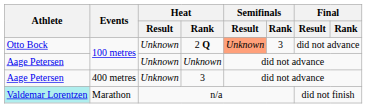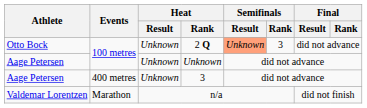 <table class=wikitable style="font-size:90%">
 <tr>
 <th rowspan="2">Athlete</th>
 <th rowspan="2">Events</th>
 <th colspan="2">Heat</th>
 <th colspan="2">Semifinals</th>
 <th colspan="2">Final</th>
 </tr>
 <tr>
 <th>Result</th>
 <th>Rank</th>
 <th>Result</th>
 <th>Rank</th>
 <th>Result</th>
 <th>Rank</th>
 </tr>
 <tr>
 <td><a href='#'>Otto Bock</a></td>
 <td rowspan=2><a href='#'>100 metres</a></td>
 <td align="center"><em>Unknown</em></td>
 <td align="center">2 <strong>Q</strong></td>
 <td align="center" style="background: lightsalmon;"><em>Unknown</em></td>
 <td align="center">3</td>
 <td align="center" colspan=2>did not advance</td>
 </tr>
 <tr>
 <td><a href='#'>Aage Petersen</a></td>
 <td align="center"><em>Unknown</em></td>
 <td align="center"><em>Unknown</em></td>
 <td align="center" colspan=4>did not advance</td>
 </tr>
 <tr>
 <td><a href='#'>Aage Petersen</a></td>
 <td>400 metres</td>
 <td align="center"><em>Unknown</em></td>
 <td align="center">3</td>
 <td align="center" colspan=4>did not advance</td>
 </tr>
 <tr>
-<td style="background: paleturquoise;"><a href='#'>Valdemar Lorentzen</a></td>
+<td><a href='#'>Valdemar Lorentzen</a></td>
 <td>Marathon</td>
 <td align="center" colspan=4>n/a</td>
 <td align="center" colspan=2>did not finish</td>
 </tr>
 </table>
